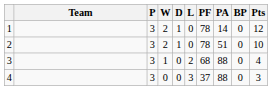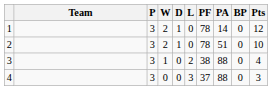 <table class="wikitable" style="text-align:center;">
 <tr>
 <th></th>
 <th width="200px">Team</th>
 <th>P</th>
 <th>W</th>
 <th>D</th>
 <th>L</th>
 <th>PF</th>
 <th>PA</th>
 <th>BP</th>
 <th>Pts</th>
 </tr>
 <tr>
 <td>1</td>
 <td></td>
 <td>3</td>
 <td>2</td>
 <td>1</td>
 <td>0</td>
 <td>78</td>
 <td>14</td>
 <td>0</td>
 <td>12</td>
 </tr>
 <tr>
 <td>2</td>
 <td></td>
 <td>3</td>
 <td>2</td>
 <td>1</td>
 <td>0</td>
 <td>78</td>
 <td>51</td>
 <td>0</td>
 <td>10</td>
 </tr>
 <tr>
 <td>3</td>
 <td></td>
 <td>3</td>
 <td>1</td>
 <td>0</td>
 <td>2</td>
-<td>68</td>
+<td>38</td>
 <td>88</td>
 <td>0</td>
 <td>4</td>
 </tr>
 <tr>
 <td>4</td>
 <td></td>
 <td>3</td>
 <td>0</td>
 <td>0</td>
 <td>3</td>
 <td>37</td>
 <td>88</td>
 <td>0</td>
 <td>3</td>
 </tr>
 </table>
